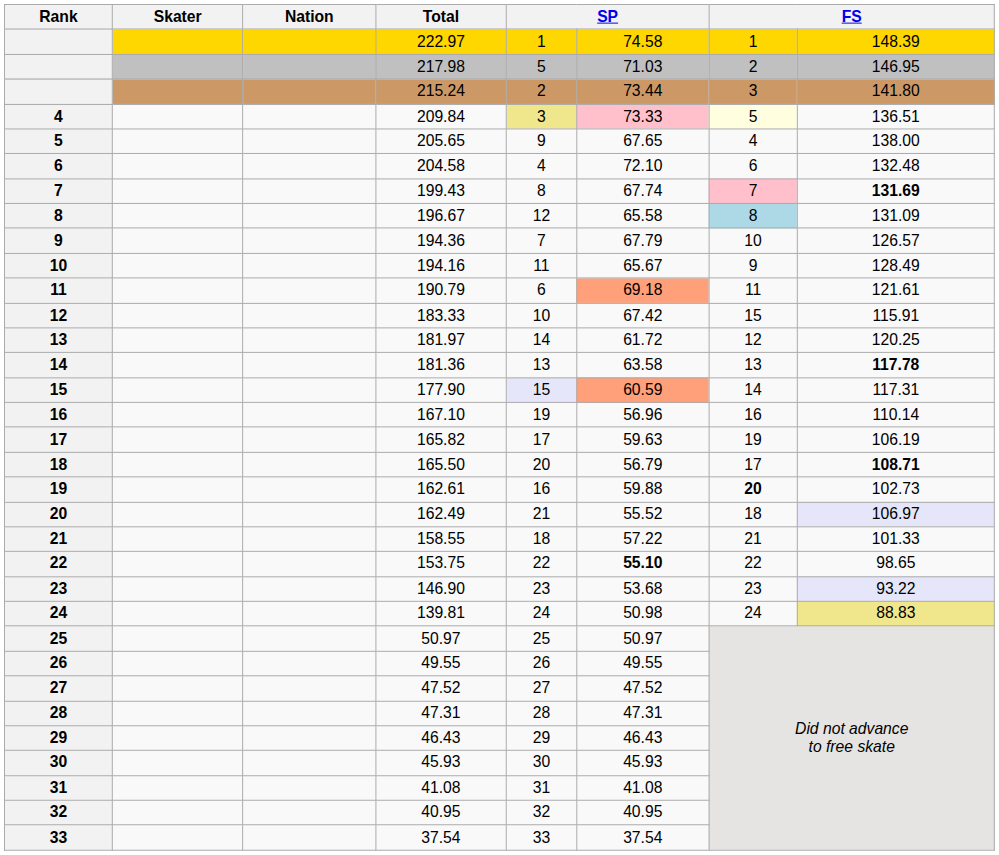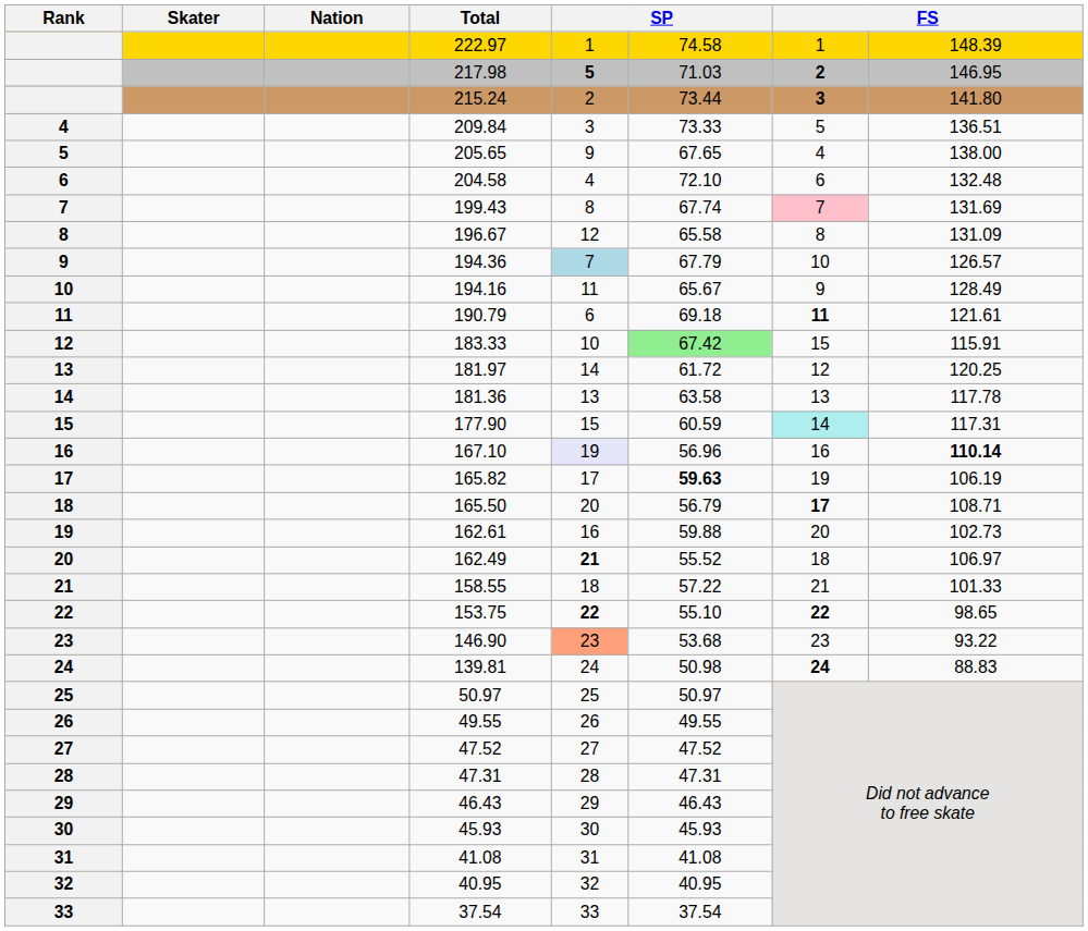 <table class="wikitable sortable" style="text-align:center; width:80%">
 <tr>
 <th scope="col">Rank</th>
 <th scope="col">Skater</th>
 <th scope="col">Nation</th>
 <th scope="col">Total</th>
 <th colspan="2" width="80px"><a href='#'>SP</a></th>
 <th colspan="2" width="80px"><a href='#'>FS</a></th>
 </tr>
 <tr bgcolor="gold">
 <th scope="row"></th>
 <td align="left"></td>
 <td align="left"></td>
 <td>222.97</td>
 <td>1</td>
 <td>74.58</td>
 <td>1</td>
 <td>148.39</td>
 </tr>
 <tr bgcolor="silver">
 <th scope="row"></th>
 <td align="left"></td>
 <td align="left"></td>
 <td>217.98</td>
-<td>5</td>
+<td><strong>5</strong></td>
 <td>71.03</td>
-<td>2</td>
+<td><strong>2</strong></td>
 <td>146.95</td>
 </tr>
 <tr bgcolor="#cc9966">
 <th scope="row"></th>
 <td align="left"></td>
 <td align="left"></td>
 <td>215.24</td>
 <td>2</td>
 <td>73.44</td>
-<td>3</td>
+<td><strong>3</strong></td>
 <td>141.80</td>
 </tr>
 <tr>
 <th scope="row">4</th>
 <td align="left"></td>
 <td align="left"></td>
 <td>209.84</td>
-<td style="background: khaki;">3</td>
-<td style="background: pink;">73.33</td>
-<td style="background: lightyellow;">5</td>
+<td>3</td>
+<td>73.33</td>
+<td>5</td>
 <td>136.51</td>
 </tr>
 <tr>
 <th scope="row">5</th>
 <td align="left"></td>
 <td align="left"></td>
 <td>205.65</td>
 <td>9</td>
 <td>67.65</td>
 <td>4</td>
 <td>138.00</td>
 </tr>
 <tr>
 <th scope="row">6</th>
 <td align="left"></td>
 <td align="left"></td>
 <td>204.58</td>
 <td>4</td>
 <td>72.10</td>
 <td>6</td>
 <td>132.48</td>
 </tr>
 <tr>
 <th scope="row">7</th>
 <td align="left"></td>
 <td align="left"></td>
 <td>199.43</td>
 <td>8</td>
 <td>67.74</td>
 <td style="background: pink;">7</td>
-<td><strong>131.69</strong></td>
+<td>131.69</td>
 </tr>
 <tr>
 <th scope="row">8</th>
 <td align="left"></td>
 <td align="left"></td>
 <td>196.67</td>
 <td>12</td>
 <td>65.58</td>
-<td style="background: lightblue;">8</td>
+<td>8</td>
 <td>131.09</td>
 </tr>
 <tr>
 <th scope="row">9</th>
 <td align="left"></td>
 <td align="left"></td>
 <td>194.36</td>
-<td>7</td>
+<td style="background: lightblue;">7</td>
 <td>67.79</td>
 <td>10</td>
 <td>126.57</td>
 </tr>
 <tr>
 <th scope="row">10</th>
 <td align="left"></td>
 <td align="left"></td>
 <td>194.16</td>
 <td>11</td>
 <td>65.67</td>
 <td>9</td>
 <td>128.49</td>
 </tr>
 <tr>
 <th scope="row">11</th>
 <td align="left"></td>
 <td align="left"></td>
 <td>190.79</td>
 <td>6</td>
-<td style="background: lightsalmon;">69.18</td>
-<td>11</td>
+<td>69.18</td>
+<td><strong>11</strong></td>
 <td>121.61</td>
 </tr>
 <tr>
 <th scope="row">12</th>
 <td align="left"></td>
 <td align="left"></td>
 <td>183.33</td>
 <td>10</td>
-<td>67.42</td>
+<td style="background: lightgreen;">67.42</td>
 <td>15</td>
 <td>115.91</td>
 </tr>
 <tr>
 <th scope="row">13</th>
 <td align="left"></td>
 <td align="left"></td>
 <td>181.97</td>
 <td>14</td>
 <td>61.72</td>
 <td>12</td>
 <td>120.25</td>
 </tr>
 <tr>
 <th scope="row">14</th>
 <td align="left"></td>
 <td align="left"></td>
 <td>181.36</td>
 <td>13</td>
 <td>63.58</td>
 <td>13</td>
-<td><strong>117.78</strong></td>
+<td>117.78</td>
 </tr>
 <tr>
 <th scope="row">15</th>
 <td align="left"></td>
 <td align="left"></td>
 <td>177.90</td>
-<td style="background: lavender;">15</td>
-<td style="background: lightsalmon;">60.59</td>
-<td>14</td>
+<td>15</td>
+<td>60.59</td>
+<td style="background: paleturquoise;">14</td>
 <td>117.31</td>
 </tr>
 <tr>
 <th scope="row">16</th>
 <td align="left"></td>
 <td align="left"></td>
 <td>167.10</td>
-<td>19</td>
+<td style="background: lavender;">19</td>
 <td>56.96</td>
 <td>16</td>
-<td>110.14</td>
+<td><strong>110.14</strong></td>
 </tr>
 <tr>
 <th scope="row">17</th>
 <td align="left"></td>
 <td align="left"></td>
 <td>165.82</td>
 <td>17</td>
-<td>59.63</td>
+<td><strong>59.63</strong></td>
 <td>19</td>
 <td>106.19</td>
 </tr>
 <tr>
 <th scope="row">18</th>
 <td align="left"></td>
 <td align="left"></td>
 <td>165.50</td>
 <td>20</td>
 <td>56.79</td>
-<td>17</td>
-<td><strong>108.71</strong></td>
+<td><strong>17</strong></td>
+<td>108.71</td>
 </tr>
 <tr>
 <th scope="row">19</th>
 <td align="left"></td>
 <td align="left"></td>
 <td>162.61</td>
 <td>16</td>
 <td>59.88</td>
-<td><strong>20</strong></td>
+<td>20</td>
 <td>102.73</td>
 </tr>
 <tr>
 <th scope="row">20</th>
 <td align="left"></td>
 <td align="left"></td>
 <td>162.49</td>
-<td>21</td>
+<td><strong>21</strong></td>
 <td>55.52</td>
 <td>18</td>
-<td style="background: lavender;">106.97</td>
+<td>106.97</td>
 </tr>
 <tr>
 <th scope="row">21</th>
 <td align="left"></td>
 <td align="left"></td>
 <td>158.55</td>
 <td>18</td>
 <td>57.22</td>
 <td>21</td>
 <td>101.33</td>
 </tr>
 <tr>
 <th scope="row">22</th>
 <td align="left"></td>
 <td align="left"></td>
 <td>153.75</td>
-<td>22</td>
-<td><strong>55.10</strong></td>
-<td>22</td>
+<td><strong>22</strong></td>
+<td>55.10</td>
+<td><strong>22</strong></td>
 <td>98.65</td>
 </tr>
 <tr>
 <th scope="row">23</th>
 <td align="left"></td>
 <td align="left"></td>
 <td>146.90</td>
-<td>23</td>
+<td style="background: lightsalmon;">23</td>
 <td>53.68</td>
 <td>23</td>
-<td style="background: lavender;">93.22</td>
+<td>93.22</td>
 </tr>
 <tr>
 <th scope="row">24</th>
 <td align="left"></td>
 <td align="left"></td>
 <td>139.81</td>
 <td>24</td>
 <td>50.98</td>
-<td>24</td>
-<td style="background: khaki;">88.83</td>
+<td><strong>24</strong></td>
+<td>88.83</td>
 </tr>
 <tr>
 <th scope="row">25</th>
 <td align="left"></td>
 <td align="left"></td>
 <td>50.97</td>
 <td>25</td>
 <td>50.97</td>
 <td colspan="2" rowspan="11" bgcolor="e5e4e2" align="center"><em>Did not advance<br>to free skate</em></td>
 </tr>
 <tr>
 <th scope="row">26</th>
 <td align="left"></td>
 <td align="left"></td>
 <td>49.55</td>
 <td>26</td>
 <td>49.55</td>
 </tr>
 <tr>
 <th scope="row">27</th>
 <td align="left"></td>
 <td align="left"></td>
 <td>47.52</td>
 <td>27</td>
 <td>47.52</td>
 </tr>
 <tr>
 <th scope="row">28</th>
 <td align="left"></td>
 <td align="left"></td>
 <td>47.31</td>
 <td>28</td>
 <td>47.31</td>
 </tr>
 <tr>
 <th scope="row">29</th>
 <td align="left"></td>
 <td align="left"></td>
 <td>46.43</td>
 <td>29</td>
 <td>46.43</td>
 </tr>
 <tr>
 <th scope="row">30</th>
 <td align="left"></td>
 <td align="left"></td>
 <td>45.93</td>
 <td>30</td>
 <td>45.93</td>
 </tr>
 <tr>
 <th scope="row">31</th>
 <td align="left"></td>
 <td align="left"></td>
 <td>41.08</td>
 <td>31</td>
 <td>41.08</td>
 </tr>
 <tr>
 <th scope="row">32</th>
 <td align="left"></td>
 <td align="left"></td>
 <td>40.95</td>
 <td>32</td>
 <td>40.95</td>
 </tr>
 <tr>
 <th scope="row">33</th>
 <td align="left"></td>
 <td align="left"></td>
 <td>37.54</td>
 <td>33</td>
 <td>37.54</td>
 </tr>
 </table>
